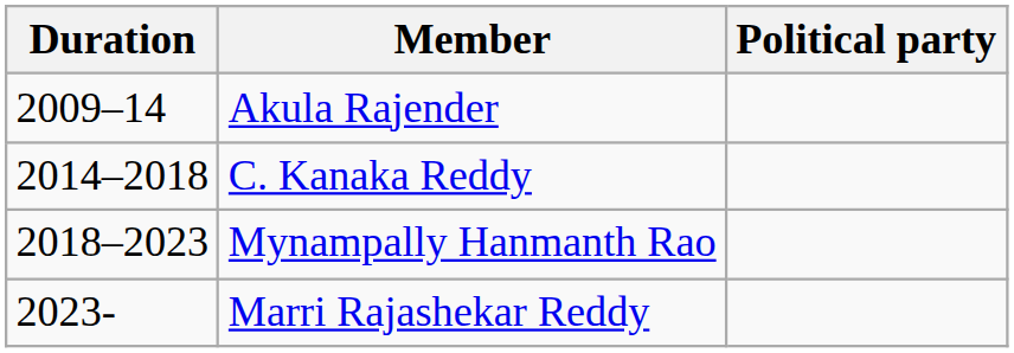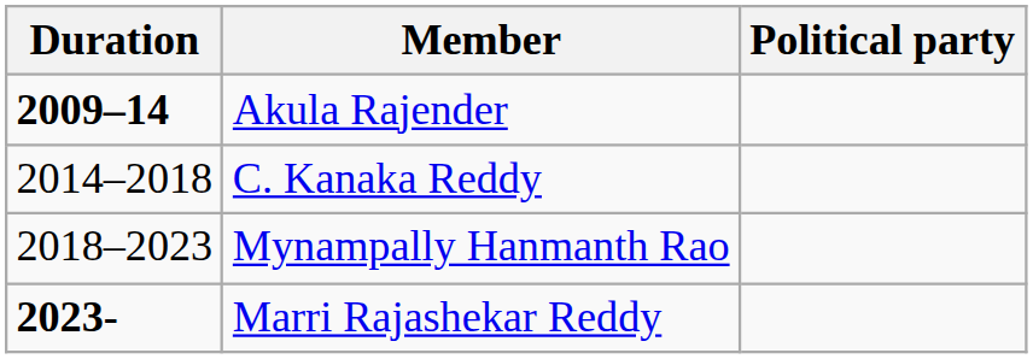 <table class="wikitable sortable">
 <tr>
 <th>Duration</th>
 <th>Member</th>
 <th colspan="2">Political party</th>
 </tr>
 <tr>
-<td>2009–14</td>
+<td><strong>2009–14</strong></td>
 <td><a href='#'>Akula Rajender</a></td>
 <td></td>
 </tr>
 <tr>
 <td>2014–2018</td>
 <td><a href='#'>C. Kanaka Reddy</a></td>
 <td></td>
 </tr>
 <tr>
 <td>2018–2023</td>
 <td><a href='#'>Mynampally Hanmanth Rao</a></td>
 <td></td>
 </tr>
 <tr>
-<td>2023-</td>
+<td><strong>2023-</strong></td>
 <td><a href='#'>Marri Rajashekar Reddy</a></td>
 <td></td>
 </tr>
 </table>
